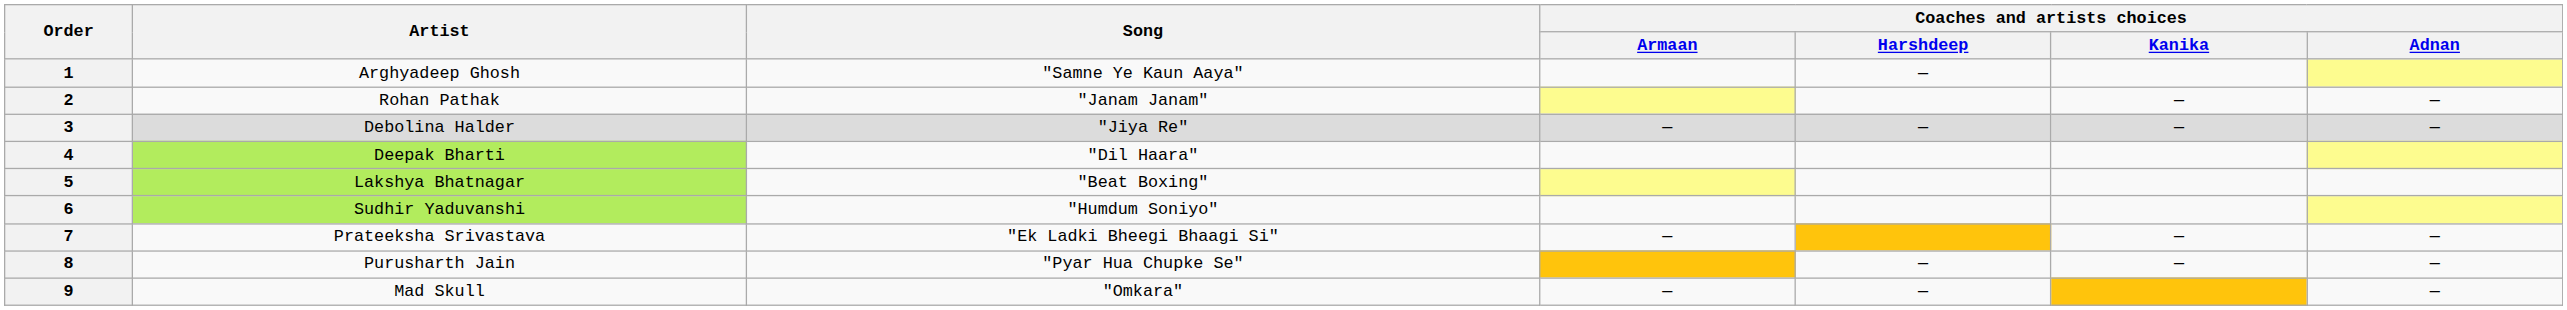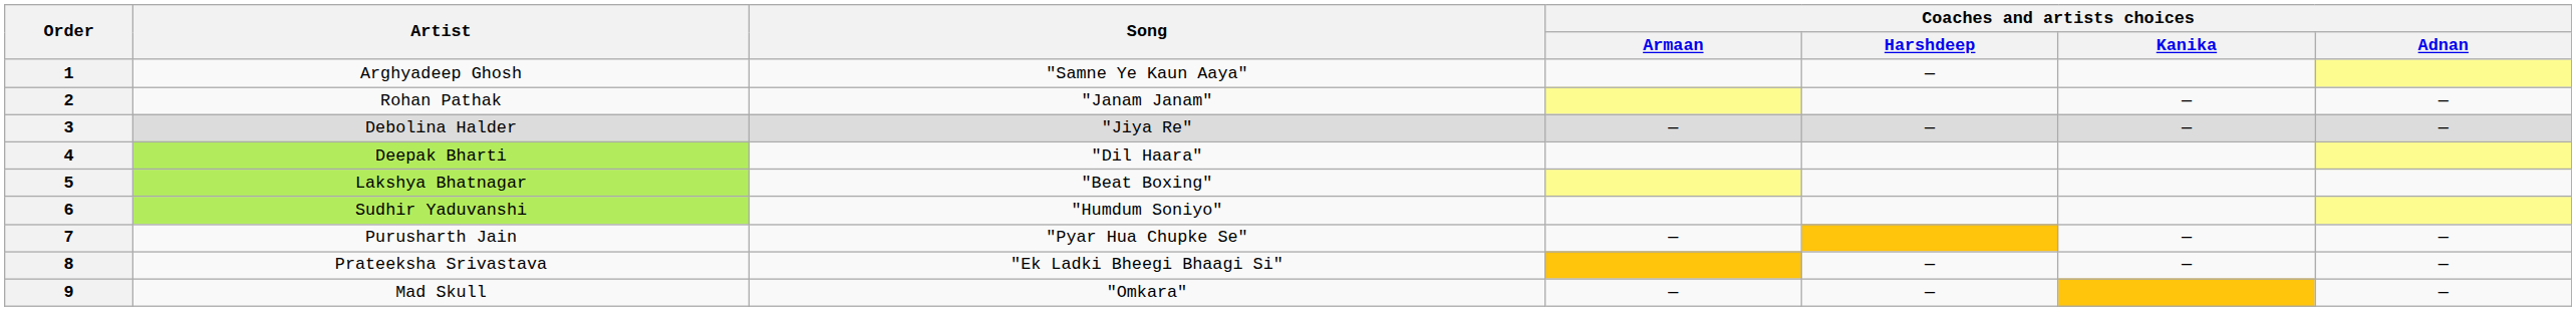 <table class="wikitable" style="text-align:center; width:100%;">
 <tr>
 <th scope="col" rowspan="2" style="width:05%;">Order</th>
 <th scope="col" rowspan="2" style="width:24%;">Artist</th>
 <th scope="col" rowspan="2" style="width:31%;">Song</th>
 <th colspan="4" style="width:40%;">Coaches and artists choices</th>
 </tr>
 <tr>
 <th style="width:10%;"><a href='#'>Armaan</a></th>
 <th style="width:10%;"><a href='#'>Harshdeep</a></th>
 <th style="width:10%;"><a href='#'>Kanika</a></th>
 <th style="width:10%;"><a href='#'>Adnan</a></th>
 </tr>
 <tr>
 <th>1</th>
 <td>Arghyadeep Ghosh</td>
 <td>"Samne Ye Kaun Aaya"</td>
 <td> <strong></strong> </td>
 <td>—</td>
 <td> <strong></strong> </td>
 <td style="background-color:#FDFC8F;"> <strong></strong> </td>
 </tr>
 <tr>
 <th>2</th>
 <td>Rohan Pathak</td>
 <td>"Janam Janam"</td>
 <td style="background-color:#FDFC8F;"> <strong></strong> </td>
 <td> <strong></strong> </td>
 <td>—</td>
 <td>—</td>
 </tr>
 <tr>
 <th>3</th>
 <td style="background-color:#DCDCDC;">Debolina Halder</td>
 <td style="background-color:#DCDCDC;">"Jiya Re"</td>
 <td style="background-color:#DCDCDC;">—</td>
 <td style="background-color:#DCDCDC;">—</td>
 <td style="background-color:#DCDCDC;">—</td>
 <td style="background-color:#DCDCDC;">—</td>
 </tr>
 <tr>
 <th>4</th>
 <td style="background-color:#B2EC5D;">Deepak Bharti</td>
 <td>"Dil Haara"</td>
 <td> <strong></strong> </td>
 <td> <strong></strong> </td>
 <td> <strong></strong> </td>
 <td style="background-color:#FDFC8F;"> <strong></strong> </td>
 </tr>
 <tr>
 <th>5</th>
 <td style="background-color:#B2EC5D;">Lakshya Bhatnagar</td>
 <td>"Beat Boxing"</td>
 <td style="background-color:#FDFC8F;"> <strong></strong> </td>
 <td> <strong></strong> </td>
 <td> <strong></strong> </td>
 <td> <strong></strong> </td>
 </tr>
 <tr>
 <th>6</th>
 <td style="background-color:#B2EC5D;">Sudhir Yaduvanshi</td>
 <td>"Humdum Soniyo"</td>
 <td> <strong></strong> </td>
 <td> <strong></strong> </td>
 <td> <strong></strong> </td>
 <td style="background-color:#FDFC8F;"> <strong></strong> </td>
 </tr>
 <tr>
 <th>7</th>
-<td>Prateeksha Srivastava</td>
-<td>"Ek Ladki Bheegi Bhaagi Si"</td>
+<td>Purusharth Jain</td>
+<td>"Pyar Hua Chupke Se"</td>
 <td>—</td>
 <td style="background-color:#FFC40C;"> <strong></strong> </td>
 <td>—</td>
 <td>—</td>
 </tr>
 <tr>
 <th>8</th>
-<td>Purusharth Jain</td>
-<td>"Pyar Hua Chupke Se"</td>
+<td>Prateeksha Srivastava</td>
+<td>"Ek Ladki Bheegi Bhaagi Si"</td>
 <td style="background-color:#FFC40C;"> <strong></strong> </td>
 <td>—</td>
 <td>—</td>
 <td>—</td>
 </tr>
 <tr>
 <th>9</th>
 <td>Mad Skull</td>
 <td>"Omkara"</td>
 <td>—</td>
 <td>—</td>
 <td style="background-color:#FFC40C;"> <strong></strong> </td>
 <td>—</td>
 </tr>
 </table>
